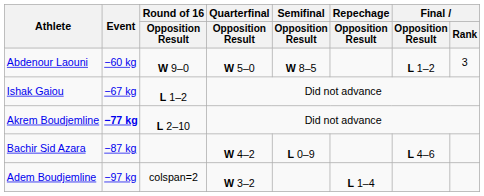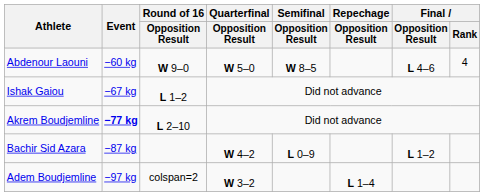 <table class="wikitable" style="font-size:90%">
 <tr>
 <th rowspan="2">Athlete</th>
 <th rowspan="2">Event</th>
 <th>Round of 16</th>
 <th>Quarterfinal</th>
 <th>Semifinal</th>
 <th>Repechage</th>
 <th colspan=2>Final / </th>
 </tr>
 <tr style="font-size: 95%">
 <th>Opposition<br>Result</th>
 <th>Opposition<br>Result</th>
 <th>Opposition<br>Result</th>
 <th>Opposition<br>Result</th>
 <th>Opposition<br>Result</th>
 <th>Rank</th>
 </tr>
 <tr align=center>
 <td align=left><a href='#'>Abdenour Laouni</a></td>
 <td align=left><a href='#'>−60 kg</a></td>
 <td><br><strong>W</strong> 9–0</td>
 <td><br><strong>W</strong> 5–0</td>
 <td><br><strong>W</strong> 8–5</td>
 <td></td>
-<td><br><strong>L</strong> 1–2</td>
-<td>3</td>
+<td><br><strong>L</strong> 4–6</td>
+<td>4</td>
 </tr>
 <tr align=center>
 <td align=left><a href='#'>Ishak Gaiou</a></td>
 <td align=left><a href='#'>−67 kg</a></td>
 <td><br><strong>L</strong> 1–2</td>
 <td colspan="5">Did not advance</td>
 </tr>
 <tr align=center>
 <td align=left><a href='#'>Akrem Boudjemline</a></td>
 <td align=left><strong><a href='#'>−77 kg</a></strong></td>
 <td><br><strong>L</strong> 2–10</td>
 <td colspan="5">Did not advance</td>
 </tr>
 <tr align=center>
 <td align=left><a href='#'>Bachir Sid Azara</a></td>
 <td align=left><a href='#'>−87 kg</a></td>
 <td></td>
 <td><br><strong>W</strong> 4–2</td>
 <td><br><strong>L</strong> 0–9</td>
 <td></td>
-<td><br><strong>L</strong> 4–6</td>
+<td><br><strong>L</strong> 1–2</td>
 <td></td>
 </tr>
 <tr align=center>
 <td align=left><a href='#'>Adem Boudjemline</a></td>
 <td align=left><a href='#'>−97 kg</a></td>
 <td>colspan=2 </td>
 <td><br><strong>W</strong> 3–2</td>
 <td></td>
 <td><br><strong>L</strong> 1–4</td>
 <td></td>
 </tr>
 </table>
